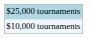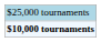 <table class="wikitable" style="font-size:90%;">
 <tr style="background:lightblue;">
 <td>$25,000 tournaments</td>
 </tr>
 <tr style="background:#f0f8ff;">
-<td>$10,000 tournaments</td>
+<td><strong>$10,000 tournaments</strong></td>
 </tr>
 </table>
